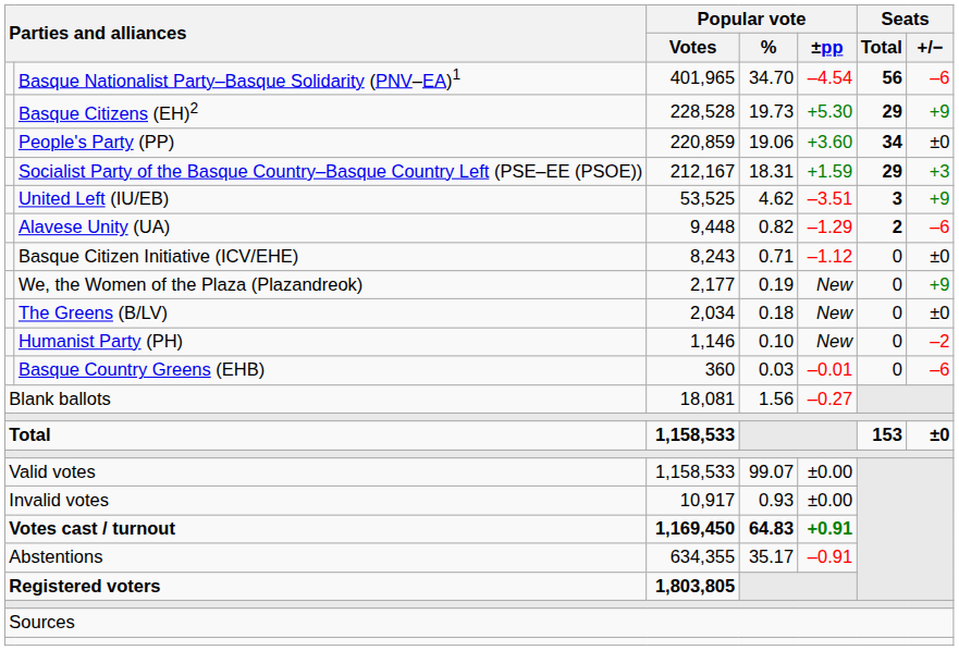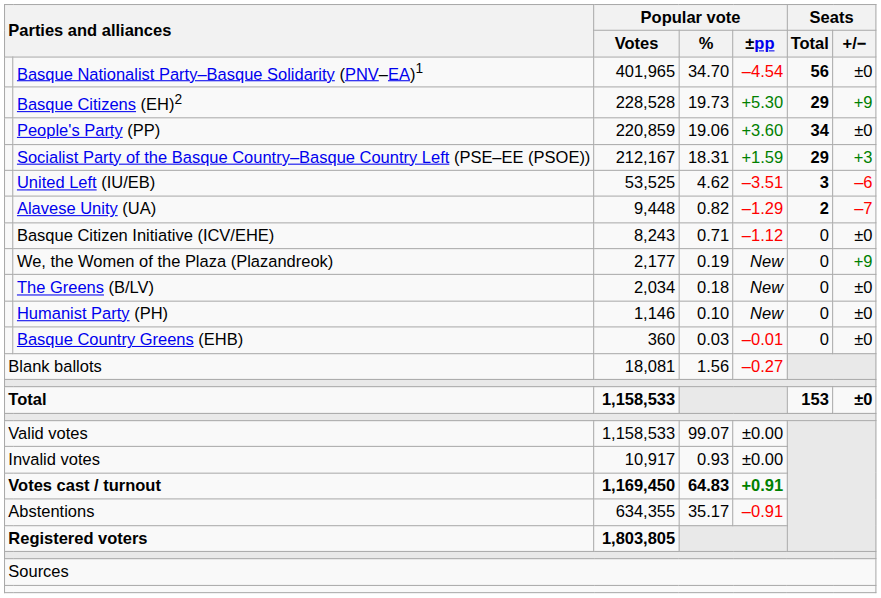 <table class="wikitable" style="text-align:right;">
 <tr>
 <th style="text-align:left;" rowspan="2" colspan="2" width="525">Parties and alliances</th>
 <th colspan="3">Popular vote</th>
 <th colspan="2">Seats</th>
 </tr>
 <tr>
 <th width="75">Votes</th>
 <th width="45">%</th>
 <th width="45">±<a href='#'>pp</a></th>
 <th width="35">Total</th>
 <th width="35">+/−</th>
 </tr>
 <tr>
 <td width="1" style="color:inherit;background:"></td>
 <td align="left"><a href='#'>Basque Nationalist Party–Basque Solidarity</a> (<a href='#'>PNV</a>–<a href='#'>EA</a>)<sup>1</sup></td>
 <td>401,965</td>
 <td>34.70</td>
 <td style="color:red;">–4.54</td>
 <td><strong>56</strong></td>
-<td style="color:red;">–6</td>
+<td>±0</td>
 </tr>
 <tr>
 <td style="color:inherit;background:"></td>
 <td align="left"><a href='#'>Basque Citizens</a> (EH)<sup>2</sup></td>
 <td>228,528</td>
 <td>19.73</td>
 <td style="color:green;">+5.30</td>
 <td><strong>29</strong></td>
 <td style="color:green;">+9</td>
 </tr>
 <tr>
 <td style="color:inherit;background:"></td>
 <td align="left"><a href='#'>People's Party</a> (PP)</td>
 <td>220,859</td>
 <td>19.06</td>
 <td style="color:green;">+3.60</td>
 <td><strong>34</strong></td>
 <td>±0</td>
 </tr>
 <tr>
 <td style="color:inherit;background:"></td>
 <td align="left"><a href='#'>Socialist Party of the Basque Country–Basque Country Left</a> (PSE–EE (PSOE))</td>
 <td>212,167</td>
 <td>18.31</td>
 <td style="color:green;">+1.59</td>
 <td><strong>29</strong></td>
 <td style="color:green;">+3</td>
 </tr>
 <tr>
 <td style="color:inherit;background:"></td>
 <td align="left"><a href='#'>United Left</a> (IU/EB)</td>
 <td>53,525</td>
 <td>4.62</td>
 <td style="color:red;">–3.51</td>
 <td><strong>3</strong></td>
-<td style="color:green;">+9</td>
+<td style="color:red;">–6</td>
 </tr>
 <tr>
 <td style="color:inherit;background:"></td>
 <td align="left"><a href='#'>Alavese Unity</a> (UA)</td>
 <td>9,448</td>
 <td>0.82</td>
 <td style="color:red;">–1.29</td>
 <td><strong>2</strong></td>
-<td style="color:red;">–6</td>
+<td style="color:red;">–7</td>
 </tr>
 <tr>
 <td style="color:inherit;background:"></td>
 <td align="left">Basque Citizen Initiative (ICV/EHE)</td>
 <td>8,243</td>
 <td>0.71</td>
 <td style="color:red;">–1.12</td>
 <td>0</td>
 <td>±0</td>
 </tr>
 <tr>
 <td style="color:inherit;background:"></td>
 <td align="left">We, the Women of the Plaza (Plazandreok)</td>
 <td>2,177</td>
 <td>0.19</td>
 <td><em>New</em></td>
 <td>0</td>
 <td style="color:green;">+9</td>
 </tr>
 <tr>
 <td style="color:inherit;background:"></td>
 <td align="left"><a href='#'>The Greens</a> (B/LV)</td>
 <td>2,034</td>
 <td>0.18</td>
 <td><em>New</em></td>
 <td>0</td>
 <td>±0</td>
 </tr>
 <tr>
 <td style="color:inherit;background:"></td>
 <td align="left"><a href='#'>Humanist Party</a> (PH)</td>
 <td>1,146</td>
 <td>0.10</td>
 <td><em>New</em></td>
 <td>0</td>
-<td style="color:red;">–2</td>
+<td>±0</td>
 </tr>
 <tr>
 <td style="color:inherit;background:"></td>
 <td align="left"><a href='#'>Basque Country Greens</a> (EHB)</td>
 <td>360</td>
 <td>0.03</td>
 <td style="color:red;">–0.01</td>
 <td>0</td>
-<td style="color:red;">–6</td>
+<td>±0</td>
 </tr>
 <tr>
 <td align="left" colspan="2">Blank ballots</td>
 <td>18,081</td>
 <td>1.56</td>
 <td style="color:red;">–0.27</td>
 <td bgcolor="#E9E9E9" colspan="2"></td>
 </tr>
 <tr>
 <td colspan="7" bgcolor="#E9E9E9"></td>
 </tr>
 <tr style="font-weight:bold;">
 <td align="left" colspan="2">Total</td>
 <td>1,158,533</td>
 <td bgcolor="#E9E9E9" colspan="2"></td>
 <td>153</td>
 <td>±0</td>
 </tr>
 <tr>
 <td colspan="7" bgcolor="#E9E9E9"></td>
 </tr>
 <tr>
 <td align="left" colspan="2">Valid votes</td>
 <td>1,158,533</td>
 <td>99.07</td>
 <td>±0.00</td>
 <td bgcolor="#E9E9E9" colspan="2" rowspan="5"></td>
 </tr>
 <tr>
 <td align="left" colspan="2">Invalid votes</td>
 <td>10,917</td>
 <td>0.93</td>
 <td>±0.00</td>
 </tr>
 <tr style="font-weight:bold;">
 <td align="left" colspan="2">Votes cast / turnout</td>
 <td>1,169,450</td>
 <td>64.83</td>
 <td style="color:green;">+0.91</td>
 </tr>
 <tr>
 <td align="left" colspan="2">Abstentions</td>
 <td>634,355</td>
 <td>35.17</td>
 <td style="color:red;">–0.91</td>
 </tr>
 <tr style="font-weight:bold;">
 <td align="left" colspan="2">Registered voters</td>
 <td>1,803,805</td>
 <td bgcolor="#E9E9E9" colspan="2"></td>
 </tr>
 <tr>
 <td colspan="7" bgcolor="#E9E9E9"></td>
 </tr>
 <tr>
 <td align="left" colspan="7">Sources</td>
 </tr>
 <tr>
 <td colspan="7" style="text-align:left; max-width:790px;"></td>
 </tr>
 </table>
